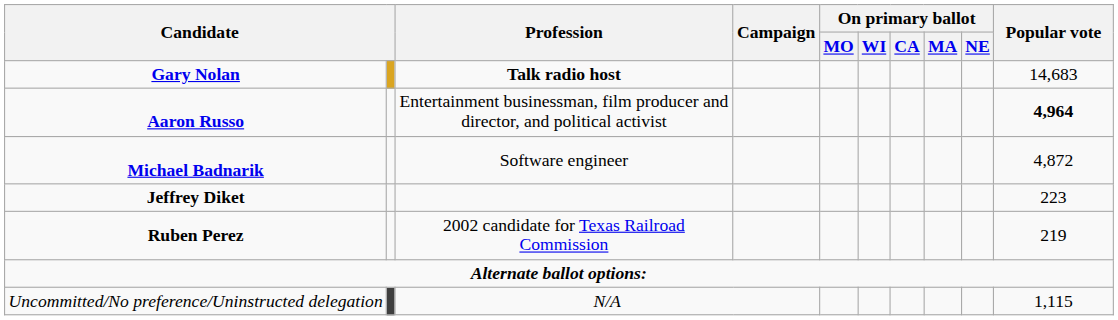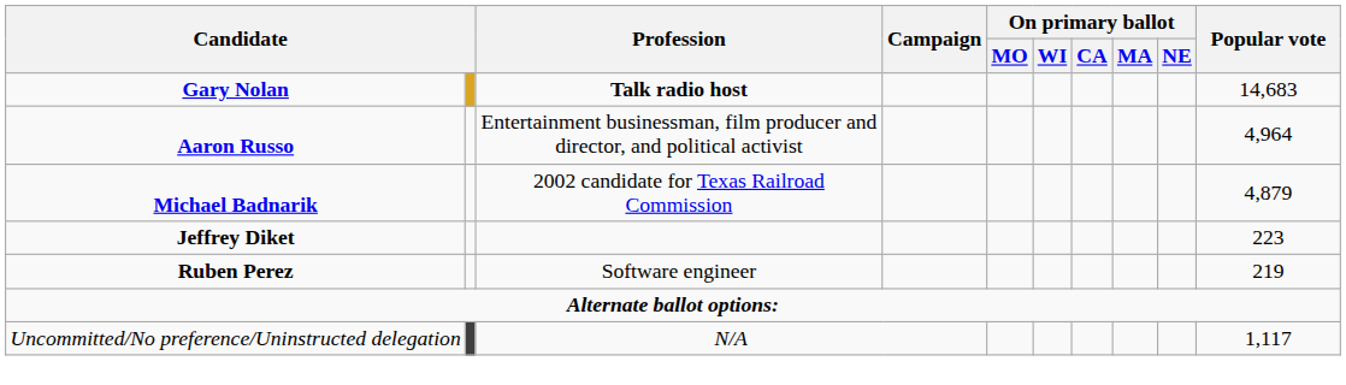 <table class="wikitable sortable" style="text-align:center;">
 <tr>
 <th rowspan="2" colspan="2" style="padding:10px; width:120px; ">Candidate</th>
 <th rowspan="2" style="width:300px;" class="unsortable">Profession</th>
 <th rowspan="2" class="unsortable">Campaign</th>
 <th colspan="5">On primary ballot</th>
 <th rowspan="2" style="padding:10px;">Popular vote</th>
 </tr>
 <tr>
 <th style="width:20px;"><a href='#'>MO</a><br></th>
 <th style="width:20px;"><a href='#'>WI</a></th>
 <th style="width:20px;"><a href='#'>CA</a></th>
 <th style="width:20px;"><a href='#'>MA</a></th>
 <th style="width:20px;"><a href='#'>NE</a></th>
 </tr>
 <tr>
 <td data-sort-value="Nolan, Gary"><strong><a href='#'>Gary Nolan</a></strong></td>
 <td style="background:#DAA521;"></td>
 <td><strong>Talk radio host</strong></td>
 <td></td>
 <td></td>
 <td></td>
 <td></td>
 <td></td>
 <td></td>
 <td data-sort-value="14683">14,683</td>
 </tr>
 <tr>
 <td data-sort-value="Russo, Aaron"><br><strong><a href='#'>Aaron Russo</a></strong></td>
 <td></td>
 <td>Entertainment businessman, film producer and director, and political activist</td>
 <td></td>
 <td></td>
 <td></td>
 <td></td>
 <td></td>
 <td></td>
-<td data-sort-value="4964"><strong>4,964</strong></td>
+<td data-sort-value="4964">4,964</td>
 </tr>
 <tr>
 <td data-sort-value="Badnarik, Michael"><br><strong><a href='#'>Michael Badnarik</a></strong></td>
 <td></td>
-<td>Software engineer</td>
+<td>2002 candidate for <a href='#'>Texas Railroad Commission</a></td>
 <td></td>
 <td></td>
 <td></td>
 <td></td>
 <td></td>
 <td></td>
-<td data-sort-value="4879">4,872</td>
+<td data-sort-value="4879">4,879</td>
 </tr>
 <tr>
 <td data-sort-value="Link, Alden"><strong>Jeffrey Diket</strong></td>
 <td></td>
 <td></td>
 <td></td>
 <td></td>
 <td></td>
 <td></td>
 <td></td>
 <td></td>
 <td data-sort-value="223">223</td>
 </tr>
 <tr>
 <td data-sort-value="Perez, Ruben"><strong>Ruben Perez</strong></td>
 <td></td>
-<td>2002 candidate for <a href='#'>Texas Railroad Commission</a></td>
+<td>Software engineer</td>
 <td></td>
 <td></td>
 <td></td>
 <td></td>
 <td></td>
 <td></td>
 <td data-sort-value="219">219</td>
 </tr>
 <tr>
 <td Colspan=11><strong><em>Alternate ballot options:</em></strong></td>
 </tr>
 <tr>
 <td data-sort-value="Uncommitted/No preference/Uninstructed delegation"><em>Uncommitted/No preference/Uninstructed delegation</em></td>
 <td style="background:#3F3F3F"></td>
 <td colspan=2><em>N/A</em></td>
 <td></td>
 <td></td>
 <td></td>
 <td></td>
 <td></td>
-<td data-sort-value="1115">1,115</td>
+<td data-sort-value="1115">1,117</td>
 </tr>
 </table>
